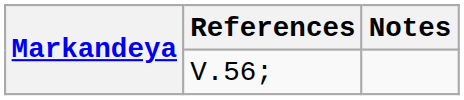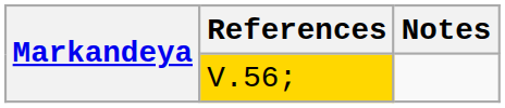 <table class="wikitable">
 <tr>
 <th rowspan="2"><a href='#'>Markandeya</a></th>
 <th>References</th>
 <th>Notes</th>
 </tr>
 <tr>
-<td>V.56;</td>
+<td style="background: gold;">V.56;</td>
 <td></td>
 </tr>
 </table>
